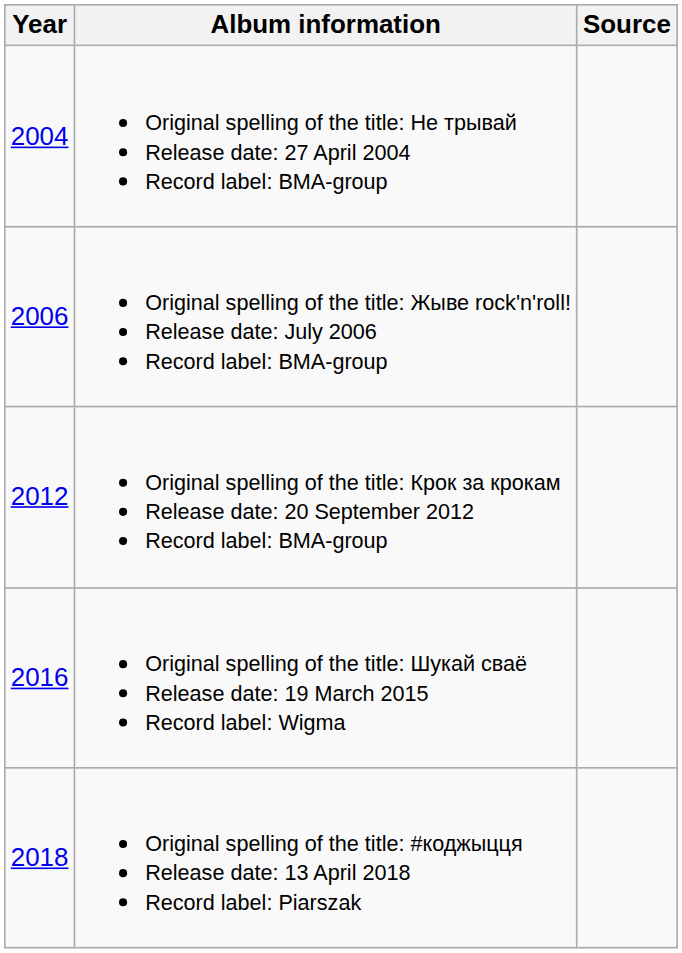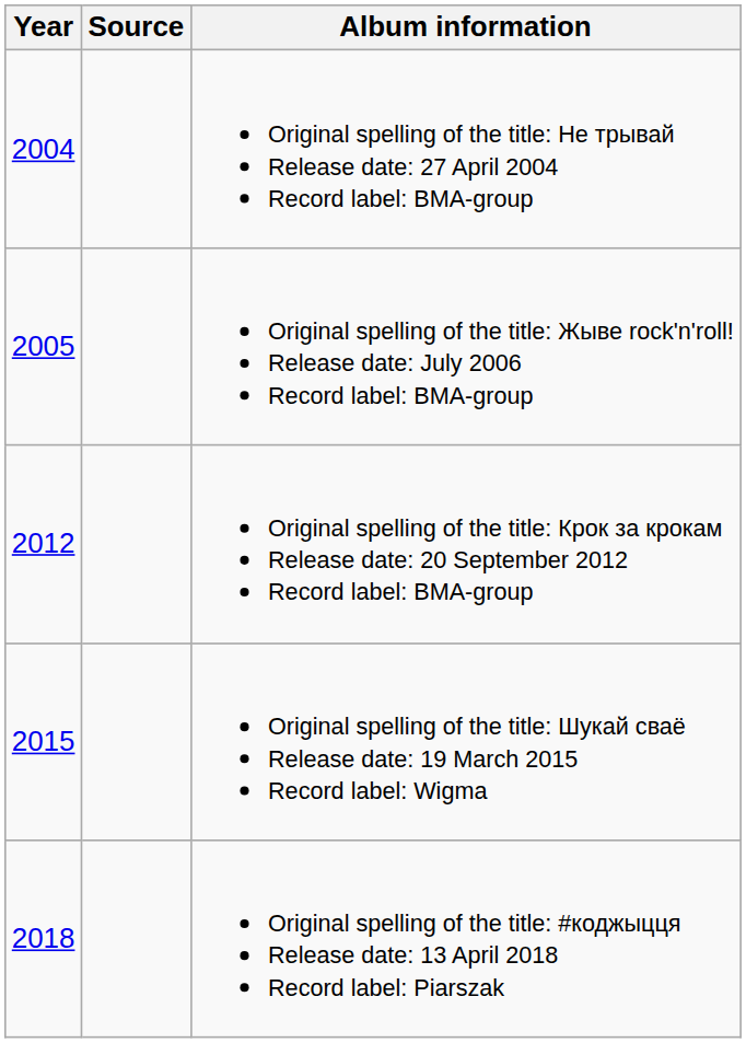 <table class="wikitable">
 <tr>
 <th>Year</th>
+<th>Source</th>
 <th>Album information</th>
-<th>Source</th>
 </tr>
 <tr>
 <td align="center"><a href='#'>2004</a></td>
+<td align="center"></td>
 <td><strong><em></em></strong><br><ul><li><small>Original spelling of the title: Не трывай</small></li><li><small>Release date: 27 April 2004</small></li><li><small>Record label: BMA-group</small></li></ul></td>
-<td align="center"></td>
 </tr>
 <tr>
-<td align="center"><a href='#'>2006</a></td>
+<td align="center"><a href='#'>2005</a></td>
+<td align="center"></td>
 <td><strong><em></em></strong><br><ul><li><small>Original spelling of the title: Жыве rock'n'roll!</small></li><li><small>Release date: July 2006</small></li><li><small>Record label: BMA-group</small></li></ul></td>
-<td align="center"></td>
 </tr>
 <tr>
 <td align="center"><a href='#'>2012</a></td>
+<td align="center"></td>
 <td><strong><em></em></strong><br><ul><li><small>Original spelling of the title: Крок за крокам</small></li><li><small>Release date: 20 September 2012</small></li><li><small>Record label: BMA-group</small></li></ul></td>
-<td align="center"></td>
 </tr>
 <tr>
-<td align="center"><a href='#'>2016</a></td>
+<td align="center"><a href='#'>2015</a></td>
+<td align="center"></td>
 <td><strong><em></em></strong><br><ul><li><small>Original spelling of the title: Шукай сваё</small></li><li><small>Release date: 19 March 2015</small></li><li><small>Record label: Wigma</small></li></ul></td>
-<td align="center"></td>
 </tr>
 <tr>
 <td align="center"><a href='#'>2018</a></td>
+<td align="center"></td>
 <td><strong><em></em></strong><br><ul><li><small>Original spelling of the title: #коджыцця</small></li><li><small>Release date: 13 April 2018</small></li><li><small>Record label: Piarszak</small></li></ul></td>
-<td align="center"></td>
 </tr>
 </table>
